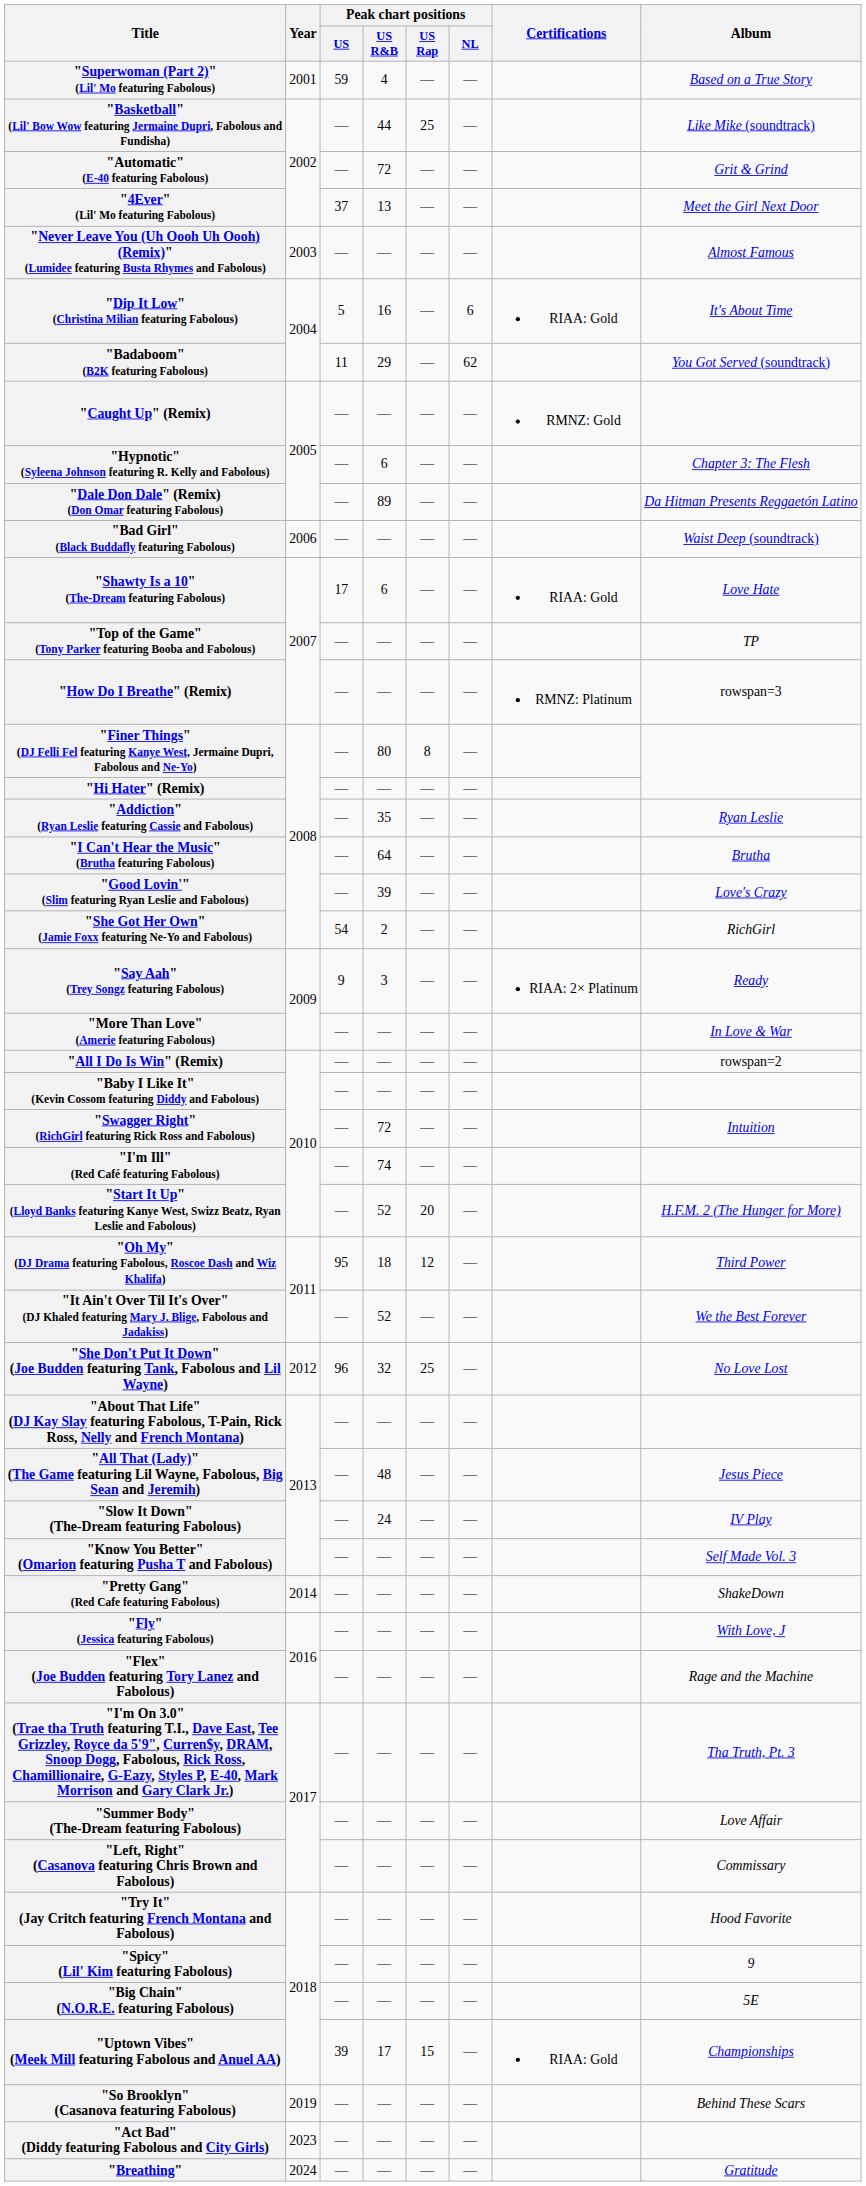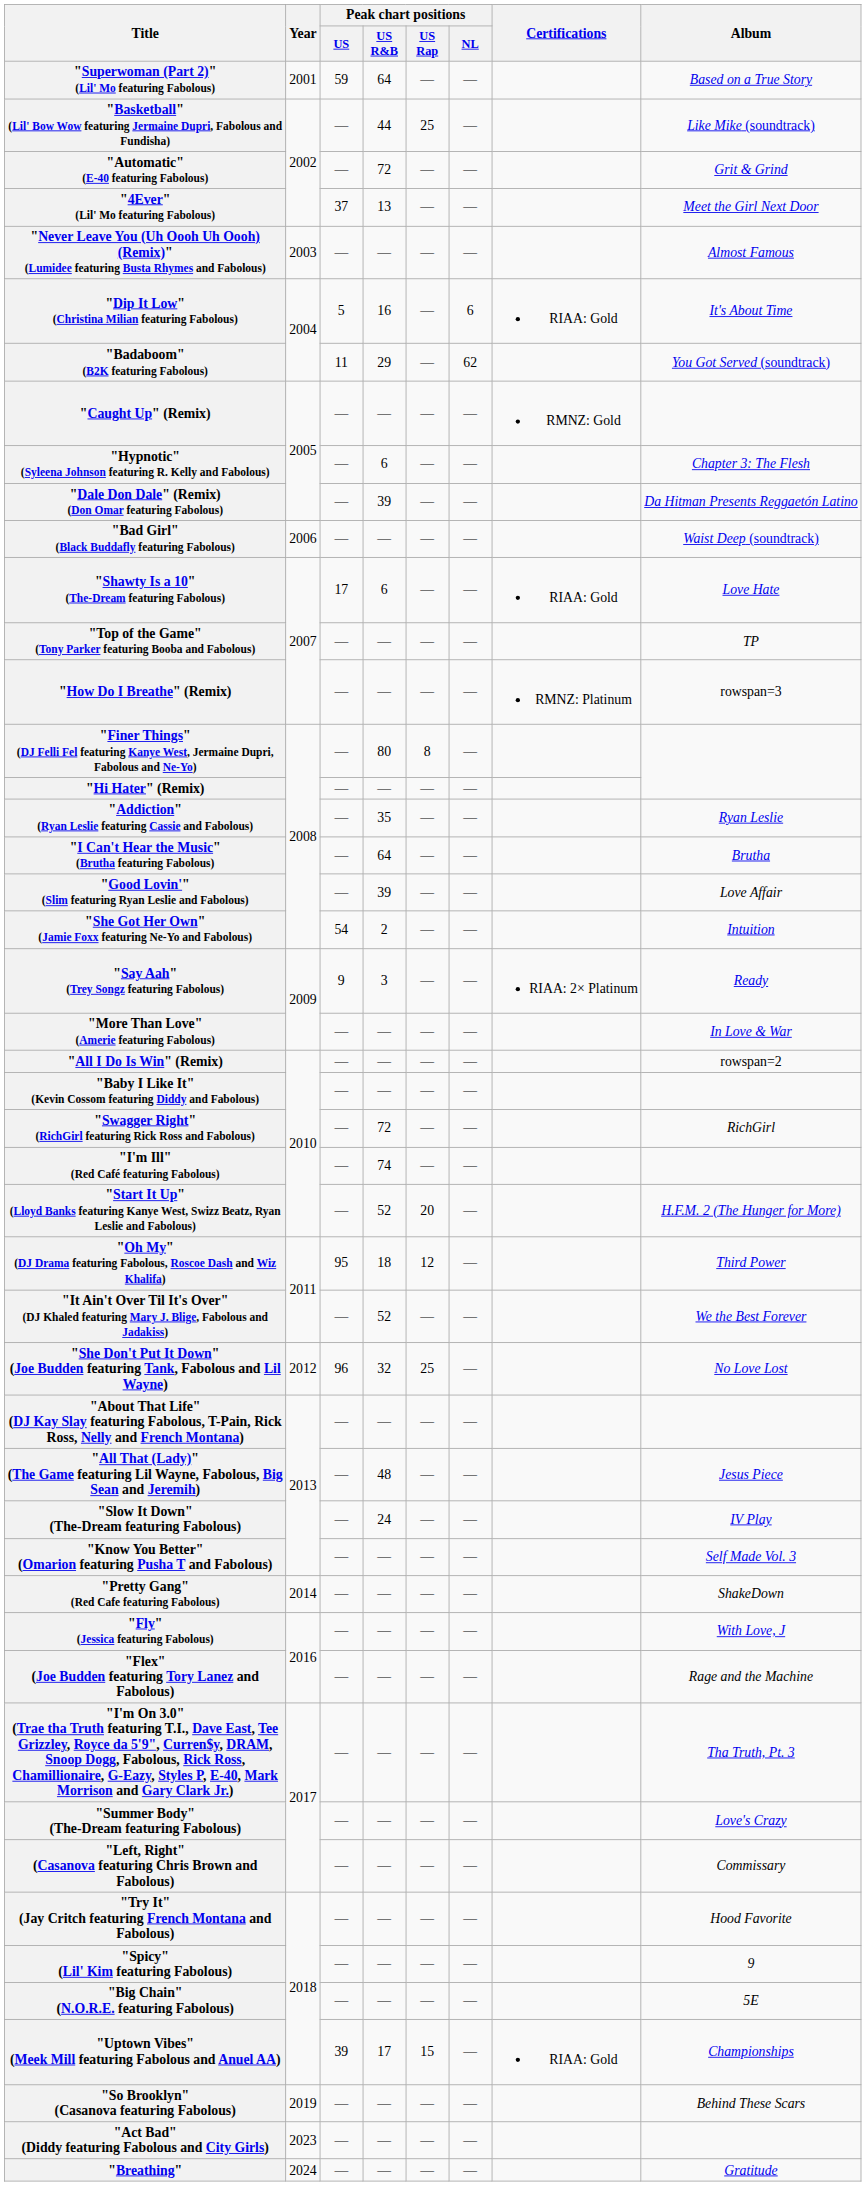 <table class="wikitable plainrowheaders" style="text-align:center;">
 <tr>
 <th scope="col" rowspan="2" style="width:20em;">Title</th>
 <th scope="col" rowspan="2">Year</th>
 <th scope="col" colspan="4">Peak chart positions</th>
 <th scope="col" rowspan="2"><a href='#'>Certifications</a></th>
 <th scope="col" rowspan="2">Album</th>
 </tr>
 <tr>
 <th scope="col" style="width:3em;font-size:90%;"><a href='#'>US</a></th>
 <th scope="col" style="width:3em;font-size:90%;"><a href='#'>US<br>R&B</a></th>
 <th scope="col" style="width:3em;font-size:90%;"><a href='#'>US<br>Rap</a></th>
 <th scope="col" style="width:3em;font-size:90%;"><a href='#'>NL</a><br></th>
 </tr>
 <tr>
 <th scope="row">"<a href='#'>Superwoman (Part 2)</a>"<br><small>(<a href='#'>Lil' Mo</a> featuring Fabolous)</small></th>
 <td>2001</td>
 <td>59</td>
-<td>4</td>
+<td>64</td>
 <td>—</td>
 <td>—</td>
 <td></td>
 <td><em><a href='#'>Based on a True Story</a></em></td>
 </tr>
 <tr>
 <th scope="row">"<a href='#'>Basketball</a>"<br><small>(<a href='#'>Lil' Bow Wow</a> featuring <a href='#'>Jermaine Dupri</a>, Fabolous and Fundisha)</small></th>
 <td rowspan="3">2002</td>
 <td>—</td>
 <td>44</td>
 <td>25</td>
 <td>—</td>
 <td></td>
 <td><a href='#'><em>Like Mike</em> (soundtrack)</a></td>
 </tr>
 <tr>
 <th scope="row">"Automatic"<br><small>(<a href='#'>E-40</a> featuring Fabolous)</small></th>
 <td>—</td>
 <td>72</td>
 <td>—</td>
 <td>—</td>
 <td></td>
 <td><em><a href='#'>Grit & Grind</a></em></td>
 </tr>
 <tr>
 <th scope="row">"<a href='#'>4Ever</a>"<br><small>(Lil' Mo featuring Fabolous)</small></th>
 <td>37</td>
 <td>13</td>
 <td>—</td>
 <td>—</td>
 <td></td>
 <td><em><a href='#'>Meet the Girl Next Door</a></em></td>
 </tr>
 <tr>
 <th scope="row">"<a href='#'>Never Leave You (Uh Oooh Uh Oooh) (Remix)</a>"<br><small>(<a href='#'>Lumidee</a> featuring <a href='#'>Busta Rhymes</a> and Fabolous)</small></th>
 <td>2003</td>
 <td>—</td>
 <td>—</td>
 <td>—</td>
 <td>—</td>
 <td></td>
 <td><em><a href='#'>Almost Famous</a></em></td>
 </tr>
 <tr>
 <th scope="row">"<a href='#'>Dip It Low</a>"<br><small>(<a href='#'>Christina Milian</a> featuring Fabolous)</small></th>
 <td rowspan="2">2004</td>
 <td>5</td>
 <td>16</td>
 <td>—</td>
 <td>6</td>
 <td><br><ul><li>RIAA: Gold</li></ul></td>
 <td><em><a href='#'>It's About Time</a></em></td>
 </tr>
 <tr>
 <th scope="row">"Badaboom"<br><small>(<a href='#'>B2K</a> featuring Fabolous)</small></th>
 <td>11</td>
 <td>29</td>
 <td>—</td>
 <td>62</td>
 <td></td>
 <td><a href='#'><em>You Got Served</em> (soundtrack)</a></td>
 </tr>
 <tr>
 <th scope="row">"<a href='#'>Caught Up</a>" (Remix)<br></th>
 <td rowspan="3">2005</td>
 <td>—</td>
 <td>—</td>
 <td>—</td>
 <td>—</td>
 <td><br><ul><li>RMNZ: Gold</li></ul></td>
 <td></td>
 </tr>
 <tr>
 <th scope="row">"Hypnotic"<br><small>(<a href='#'>Syleena Johnson</a> featuring R. Kelly and Fabolous)</small></th>
 <td>—</td>
 <td>6</td>
 <td>—</td>
 <td>—</td>
 <td></td>
 <td><em><a href='#'>Chapter 3: The Flesh</a></em></td>
 </tr>
 <tr>
 <th scope="row">"<a href='#'>Dale Don Dale</a>" (Remix)<br><small>(<a href='#'>Don Omar</a> featuring Fabolous)</small></th>
 <td>—</td>
-<td>89</td>
+<td>39</td>
 <td>—</td>
 <td>—</td>
 <td></td>
 <td><em><a href='#'>Da Hitman Presents Reggaetón Latino</a></em></td>
 </tr>
 <tr>
 <th scope="row">"Bad Girl"<br><small>(<a href='#'>Black Buddafly</a> featuring Fabolous)</small></th>
 <td>2006</td>
 <td>—</td>
 <td>—</td>
 <td>—</td>
 <td>—</td>
 <td></td>
 <td><a href='#'><em>Waist Deep</em> (soundtrack)</a></td>
 </tr>
 <tr>
 <th scope="row">"<a href='#'>Shawty Is a 10</a>"<br><small>(<a href='#'>The-Dream</a> featuring Fabolous)</small></th>
 <td rowspan="3">2007</td>
 <td>17</td>
 <td>6</td>
 <td>—</td>
 <td>—</td>
 <td><br><ul><li>RIAA: Gold</li></ul></td>
 <td><em><a href='#'>Love Hate</a></em></td>
 </tr>
 <tr>
 <th scope="row">"Top of the Game"<br><small>(<a href='#'>Tony Parker</a> featuring Booba and Fabolous)</small></th>
 <td>—</td>
 <td>—</td>
 <td>—</td>
 <td>—</td>
 <td></td>
 <td><em>TP</em></td>
 </tr>
 <tr>
 <th scope="row">"<a href='#'>How Do I Breathe</a>" (Remix)<br></th>
 <td>—</td>
 <td>—</td>
 <td>—</td>
 <td>—</td>
 <td><br><ul><li>RMNZ: Platinum</li></ul></td>
 <td>rowspan=3 </td>
 </tr>
 <tr>
 <th scope="row">"<a href='#'>Finer Things</a>"<br><small>(<a href='#'>DJ Felli Fel</a> featuring <a href='#'>Kanye West</a>, Jermaine Dupri, Fabolous and <a href='#'>Ne-Yo</a>)</small></th>
 <td rowspan="6">2008</td>
 <td>—</td>
 <td>80</td>
 <td>8</td>
 <td>—</td>
 <td></td>
 </tr>
 <tr>
 <th scope="row">"<a href='#'>Hi Hater</a>" (Remix)<br></th>
 <td>—</td>
 <td>—</td>
 <td>—</td>
 <td>—</td>
 <td></td>
 </tr>
 <tr>
 <th scope="row">"<a href='#'>Addiction</a>"<br><small>(<a href='#'>Ryan Leslie</a> featuring <a href='#'>Cassie</a> and Fabolous)</small></th>
 <td>—</td>
 <td>35</td>
 <td>—</td>
 <td>—</td>
 <td></td>
 <td><em><a href='#'>Ryan Leslie</a></em></td>
 </tr>
 <tr>
 <th scope="row">"<a href='#'>I Can't Hear the Music</a>"<br><small>(<a href='#'>Brutha</a> featuring Fabolous)</small></th>
 <td>—</td>
 <td>64</td>
 <td>—</td>
 <td>—</td>
 <td></td>
 <td><em><a href='#'>Brutha</a></em></td>
 </tr>
 <tr>
 <th scope="row">"<a href='#'>Good Lovin'</a>"<br><small>(<a href='#'>Slim</a> featuring Ryan Leslie and Fabolous)</small></th>
 <td>—</td>
 <td>39</td>
 <td>—</td>
 <td>—</td>
 <td></td>
-<td><em><a href='#'>Love's Crazy</a></em></td>
+<td><em>Love Affair</em></td>
 </tr>
 <tr>
 <th scope="row">"<a href='#'>She Got Her Own</a>"<br><small>(<a href='#'>Jamie Foxx</a> featuring Ne-Yo and Fabolous)</small></th>
 <td>54</td>
 <td>2</td>
 <td>—</td>
 <td>—</td>
 <td></td>
-<td><em>RichGirl</em></td>
+<td><em><a href='#'>Intuition</a></em></td>
 </tr>
 <tr>
 <th scope="row">"<a href='#'>Say Aah</a>"<br><small>(<a href='#'>Trey Songz</a> featuring Fabolous)</small></th>
 <td rowspan="2">2009</td>
 <td>9</td>
 <td>3</td>
 <td>—</td>
 <td>—</td>
 <td><br><ul><li>RIAA: 2× Platinum</li></ul></td>
 <td><em><a href='#'>Ready</a></em></td>
 </tr>
 <tr>
 <th scope="row">"More Than Love"<br><small>(<a href='#'>Amerie</a> featuring Fabolous)</small></th>
 <td>—</td>
 <td>—</td>
 <td>—</td>
 <td>—</td>
 <td></td>
 <td><em><a href='#'>In Love & War</a></em></td>
 </tr>
 <tr>
 <th scope="row">"<a href='#'>All I Do Is Win</a>" (Remix)<br></th>
 <td rowspan="5">2010</td>
 <td>—</td>
 <td>—</td>
 <td>—</td>
 <td>—</td>
 <td></td>
 <td>rowspan=2 </td>
 </tr>
 <tr>
 <th scope="row">"Baby I Like It"<br><small>(Kevin Cossom featuring <a href='#'>Diddy</a> and Fabolous)</small></th>
 <td>—</td>
 <td>—</td>
 <td>—</td>
 <td>—</td>
 <td></td>
 </tr>
 <tr>
 <th scope="row">"<a href='#'>Swagger Right</a>"<br><small>(<a href='#'>RichGirl</a> featuring Rick Ross and Fabolous)</small></th>
 <td>—</td>
 <td>72</td>
 <td>—</td>
 <td>—</td>
 <td></td>
-<td><em><a href='#'>Intuition</a></em></td>
+<td><em>RichGirl</em></td>
 </tr>
 <tr>
 <th scope="row">"I'm Ill"<br><small>(Red Café featuring Fabolous)</small></th>
 <td>—</td>
 <td>74</td>
 <td>—</td>
 <td>—</td>
 <td></td>
 <td></td>
 </tr>
 <tr>
 <th scope="row">"<a href='#'>Start It Up</a>"<br><small>(<a href='#'>Lloyd Banks</a> featuring Kanye West, Swizz Beatz, Ryan Leslie and Fabolous)</small></th>
 <td>—</td>
 <td>52</td>
 <td>20</td>
 <td>—</td>
 <td></td>
 <td><em><a href='#'>H.F.M. 2 (The Hunger for More)</a></em></td>
 </tr>
 <tr>
 <th scope="row">"<a href='#'>Oh My</a>"<br><small>(<a href='#'>DJ Drama</a> featuring Fabolous, <a href='#'>Roscoe Dash</a> and <a href='#'>Wiz Khalifa</a>)</small></th>
 <td rowspan="2">2011</td>
 <td>95</td>
 <td>18</td>
 <td>12</td>
 <td>—</td>
 <td></td>
 <td><em><a href='#'>Third Power</a></em></td>
 </tr>
 <tr>
 <th scope="row">"It Ain't Over Til It's Over"<br><small>(DJ Khaled featuring <a href='#'>Mary J. Blige</a>, Fabolous and <a href='#'>Jadakiss</a>)</small></th>
 <td>—</td>
 <td>52</td>
 <td>—</td>
 <td>—</td>
 <td></td>
 <td><em><a href='#'>We the Best Forever</a></em></td>
 </tr>
 <tr>
 <th scope="row">"<a href='#'>She Don't Put It Down</a>"<br><span>(<a href='#'>Joe Budden</a> featuring <a href='#'>Tank</a>, Fabolous and <a href='#'>Lil Wayne</a>)</span></th>
 <td>2012</td>
 <td>96</td>
 <td>32</td>
 <td>25</td>
 <td>—</td>
 <td></td>
 <td><em><a href='#'>No Love Lost</a></em></td>
 </tr>
 <tr>
 <th scope="row">"About That Life"<br><span>(<a href='#'>DJ Kay Slay</a> featuring Fabolous, T-Pain, Rick Ross, <a href='#'>Nelly</a> and <a href='#'>French Montana</a>)</span></th>
 <td rowspan="4">2013</td>
 <td>—</td>
 <td>—</td>
 <td>—</td>
 <td>—</td>
 <td></td>
 <td></td>
 </tr>
 <tr>
 <th scope="row">"<a href='#'>All That (Lady)</a>"<br><span>(<a href='#'>The Game</a> featuring Lil Wayne, Fabolous, <a href='#'>Big Sean</a> and <a href='#'>Jeremih</a>)</span></th>
 <td>—</td>
 <td>48</td>
 <td>—</td>
 <td>—</td>
 <td></td>
 <td><em><a href='#'>Jesus Piece</a></em></td>
 </tr>
 <tr>
 <th scope="row">"Slow It Down"<br><span>(The-Dream featuring Fabolous)</span></th>
 <td>—</td>
 <td>24</td>
 <td>—</td>
 <td>—</td>
 <td></td>
 <td><em><a href='#'>IV Play</a></em></td>
 </tr>
 <tr>
 <th scope="row">"Know You Better"<br><span>(<a href='#'>Omarion</a> featuring <a href='#'>Pusha T</a> and Fabolous)</span></th>
 <td>—</td>
 <td>—</td>
 <td>—</td>
 <td>—</td>
 <td></td>
 <td><em><a href='#'>Self Made Vol. 3</a></em></td>
 </tr>
 <tr>
 <th scope="row">"Pretty Gang"<br><small>(Red Cafe featuring Fabolous)</small></th>
 <td>2014</td>
 <td>—</td>
 <td>—</td>
 <td>—</td>
 <td>—</td>
 <td></td>
 <td><em>ShakeDown</em></td>
 </tr>
 <tr>
 <th scope="row">"<a href='#'>Fly</a>"<br><small>(<a href='#'>Jessica</a> featuring Fabolous)</small></th>
 <td rowspan="2">2016</td>
 <td>—</td>
 <td>—</td>
 <td>—</td>
 <td>—</td>
 <td></td>
 <td><em><a href='#'>With Love, J</a></em></td>
 </tr>
 <tr>
 <th scope="row">"Flex"<br><span>(<a href='#'>Joe Budden</a> featuring <a href='#'>Tory Lanez</a> and Fabolous)</span></th>
 <td>—</td>
 <td>—</td>
 <td>—</td>
 <td>—</td>
 <td></td>
 <td><em>Rage and the Machine</em></td>
 </tr>
 <tr>
 <th scope="row">"I'm On 3.0"<br><span>(<a href='#'>Trae tha Truth</a> featuring T.I., <a href='#'>Dave East</a>, <a href='#'>Tee Grizzley</a>, <a href='#'>Royce da 5'9"</a>, <a href='#'>Curren$y</a>, <a href='#'>DRAM</a>, <a href='#'>Snoop Dogg</a>, Fabolous, <a href='#'>Rick Ross</a>, <a href='#'>Chamillionaire</a>, <a href='#'>G-Eazy</a>, <a href='#'>Styles P</a>, <a href='#'>E-40</a>, <a href='#'>Mark Morrison</a> and <a href='#'>Gary Clark Jr.</a>)</span></th>
 <td rowspan="3">2017</td>
 <td>—</td>
 <td>—</td>
 <td>—</td>
 <td>—</td>
 <td></td>
 <td><em><a href='#'>Tha Truth, Pt. 3</a></em></td>
 </tr>
 <tr>
 <th scope="row">"Summer Body"<br><span>(The-Dream featuring Fabolous)</span></th>
 <td>—</td>
 <td>—</td>
 <td>—</td>
 <td>—</td>
 <td></td>
-<td><em>Love Affair</em></td>
+<td><em><a href='#'>Love's Crazy</a></em></td>
 </tr>
 <tr>
 <th scope="row">"Left, Right"<br><span>(<a href='#'>Casanova</a> featuring Chris Brown and Fabolous)</span></th>
 <td>—</td>
 <td>—</td>
 <td>—</td>
 <td>—</td>
 <td></td>
 <td><em>Commissary</em></td>
 </tr>
 <tr>
 <th scope="row">"Try It"<br><span>(Jay Critch featuring <a href='#'>French Montana</a> and Fabolous)</span></th>
 <td rowspan="4">2018</td>
 <td>—</td>
 <td>—</td>
 <td>—</td>
 <td>—</td>
 <td></td>
 <td><em>Hood Favorite</em></td>
 </tr>
 <tr>
 <th scope="row">"Spicy"<br><span>(<a href='#'>Lil' Kim</a> featuring Fabolous)</span></th>
 <td>—</td>
 <td>—</td>
 <td>—</td>
 <td>—</td>
 <td></td>
 <td><em>9</em></td>
 </tr>
 <tr>
 <th scope="row">"Big Chain"<br><span>(<a href='#'>N.O.R.E.</a> featuring Fabolous)</span></th>
 <td>—</td>
 <td>—</td>
 <td>—</td>
 <td>—</td>
 <td></td>
 <td><em>5E</em></td>
 </tr>
 <tr>
 <th scope="row">"Uptown Vibes"<br><span>(<a href='#'>Meek Mill</a> featuring Fabolous and <a href='#'>Anuel AA</a>)</span></th>
 <td>39</td>
 <td>17</td>
 <td>15</td>
 <td>—</td>
 <td><br><ul><li>RIAA: Gold</li></ul></td>
 <td><em><a href='#'>Championships</a></em></td>
 </tr>
 <tr>
 <th scope="row">"So Brooklyn"<br><span>(Casanova featuring Fabolous)</span></th>
 <td>2019</td>
 <td>—</td>
 <td>—</td>
 <td>—</td>
 <td>—</td>
 <td></td>
 <td><em>Behind These Scars</em></td>
 </tr>
 <tr>
 <th scope="row">"Act Bad"<br><span>(Diddy featuring Fabolous and <a href='#'>City Girls</a>)</span></th>
 <td>2023</td>
 <td>—</td>
 <td>—</td>
 <td>—</td>
 <td>—</td>
 <td></td>
 <td></td>
 </tr>
 <tr>
 <th scope="row">"<a href='#'>Breathing</a>"<br></th>
 <td>2024</td>
 <td>—</td>
 <td>—</td>
 <td>—</td>
 <td>—</td>
 <td></td>
 <td><em><a href='#'>Gratitude</a></em></td>
 </tr>
 </table>
